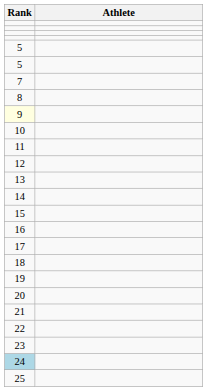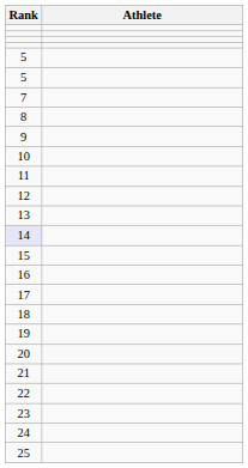 <table class="wikitable" style="text-align: center;">
 <tr>
 <th width=40>Rank</th>
 <th width=250>Athlete</th>
 </tr>
 <tr>
 <td></td>
 <td align="left"></td>
 </tr>
 <tr>
 <td></td>
 <td align="left"></td>
 </tr>
 <tr>
 <td></td>
 <td align="left"></td>
 </tr>
 <tr>
 <td></td>
 <td align="left"></td>
 </tr>
 <tr>
 <td>5</td>
 <td align="left"></td>
 </tr>
 <tr>
 <td>5</td>
 <td align="left"></td>
 </tr>
 <tr>
 <td>7</td>
 <td align="left"></td>
 </tr>
 <tr>
 <td>8</td>
 <td align="left"></td>
 </tr>
 <tr>
-<td style="background: lightyellow;">9</td>
+<td>9</td>
 <td align="left"></td>
 </tr>
 <tr>
 <td>10</td>
 <td align="left"></td>
 </tr>
 <tr>
 <td>11</td>
 <td align="left"></td>
 </tr>
 <tr>
 <td>12</td>
 <td align="left"></td>
 </tr>
 <tr>
 <td>13</td>
 <td align="left"></td>
 </tr>
 <tr>
-<td>14</td>
+<td style="background: lavender;">14</td>
 <td align="left"></td>
 </tr>
 <tr>
 <td>15</td>
 <td align="left"></td>
 </tr>
 <tr>
 <td>16</td>
 <td align="left"></td>
 </tr>
 <tr>
 <td>17</td>
 <td align="left"></td>
 </tr>
 <tr>
 <td>18</td>
 <td align="left"></td>
 </tr>
 <tr>
 <td>19</td>
 <td align="left"></td>
 </tr>
 <tr>
 <td>20</td>
 <td align="left"></td>
 </tr>
 <tr>
 <td>21</td>
 <td align="left"></td>
 </tr>
 <tr>
 <td>22</td>
 <td align="left"></td>
 </tr>
 <tr>
 <td>23</td>
 <td align="left"></td>
 </tr>
 <tr>
-<td style="background: lightblue;">24</td>
+<td>24</td>
 <td align="left"></td>
 </tr>
 <tr>
 <td>25</td>
 <td align="left"></td>
 </tr>
 </table>
